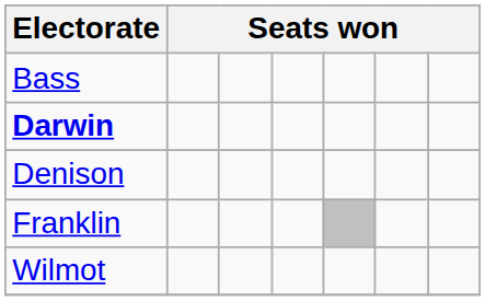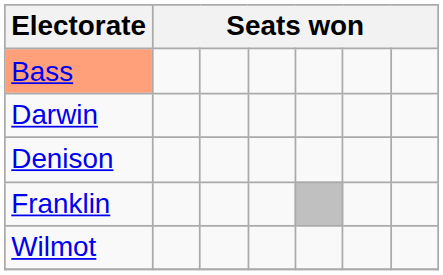 <table class="wikitable">
 <tr>
 <th>Electorate</th>
 <th colspan=7>Seats won</th>
 </tr>
 <tr>
-<td><a href='#'>Bass</a></td>
+<td style="background: lightsalmon;"><a href='#'>Bass</a></td>
 <td width=20 > </td>
 <td width=20 > </td>
 <td width=20 > </td>
 <td width=20 > </td>
 <td width=20 > </td>
 <td width=20 > </td>
 </tr>
 <tr>
-<td><strong><a href='#'>Darwin</a></strong></td>
+<td><a href='#'>Darwin</a></td>
 <td> </td>
 <td> </td>
 <td> </td>
 <td> </td>
 <td> </td>
 <td> </td>
 </tr>
 <tr>
 <td><a href='#'>Denison</a></td>
 <td> </td>
 <td> </td>
 <td> </td>
 <td> </td>
 <td> </td>
 <td> </td>
 </tr>
 <tr>
 <td><a href='#'>Franklin</a></td>
 <td> </td>
 <td> </td>
 <td> </td>
 <td bgcolor="C0C0C0"> </td>
 <td> </td>
 <td> </td>
 </tr>
 <tr>
 <td><a href='#'>Wilmot</a></td>
 <td> </td>
 <td> </td>
 <td> </td>
 <td> </td>
 <td> </td>
 <td> </td>
 </tr>
 <tr>
 </tr>
 </table>
